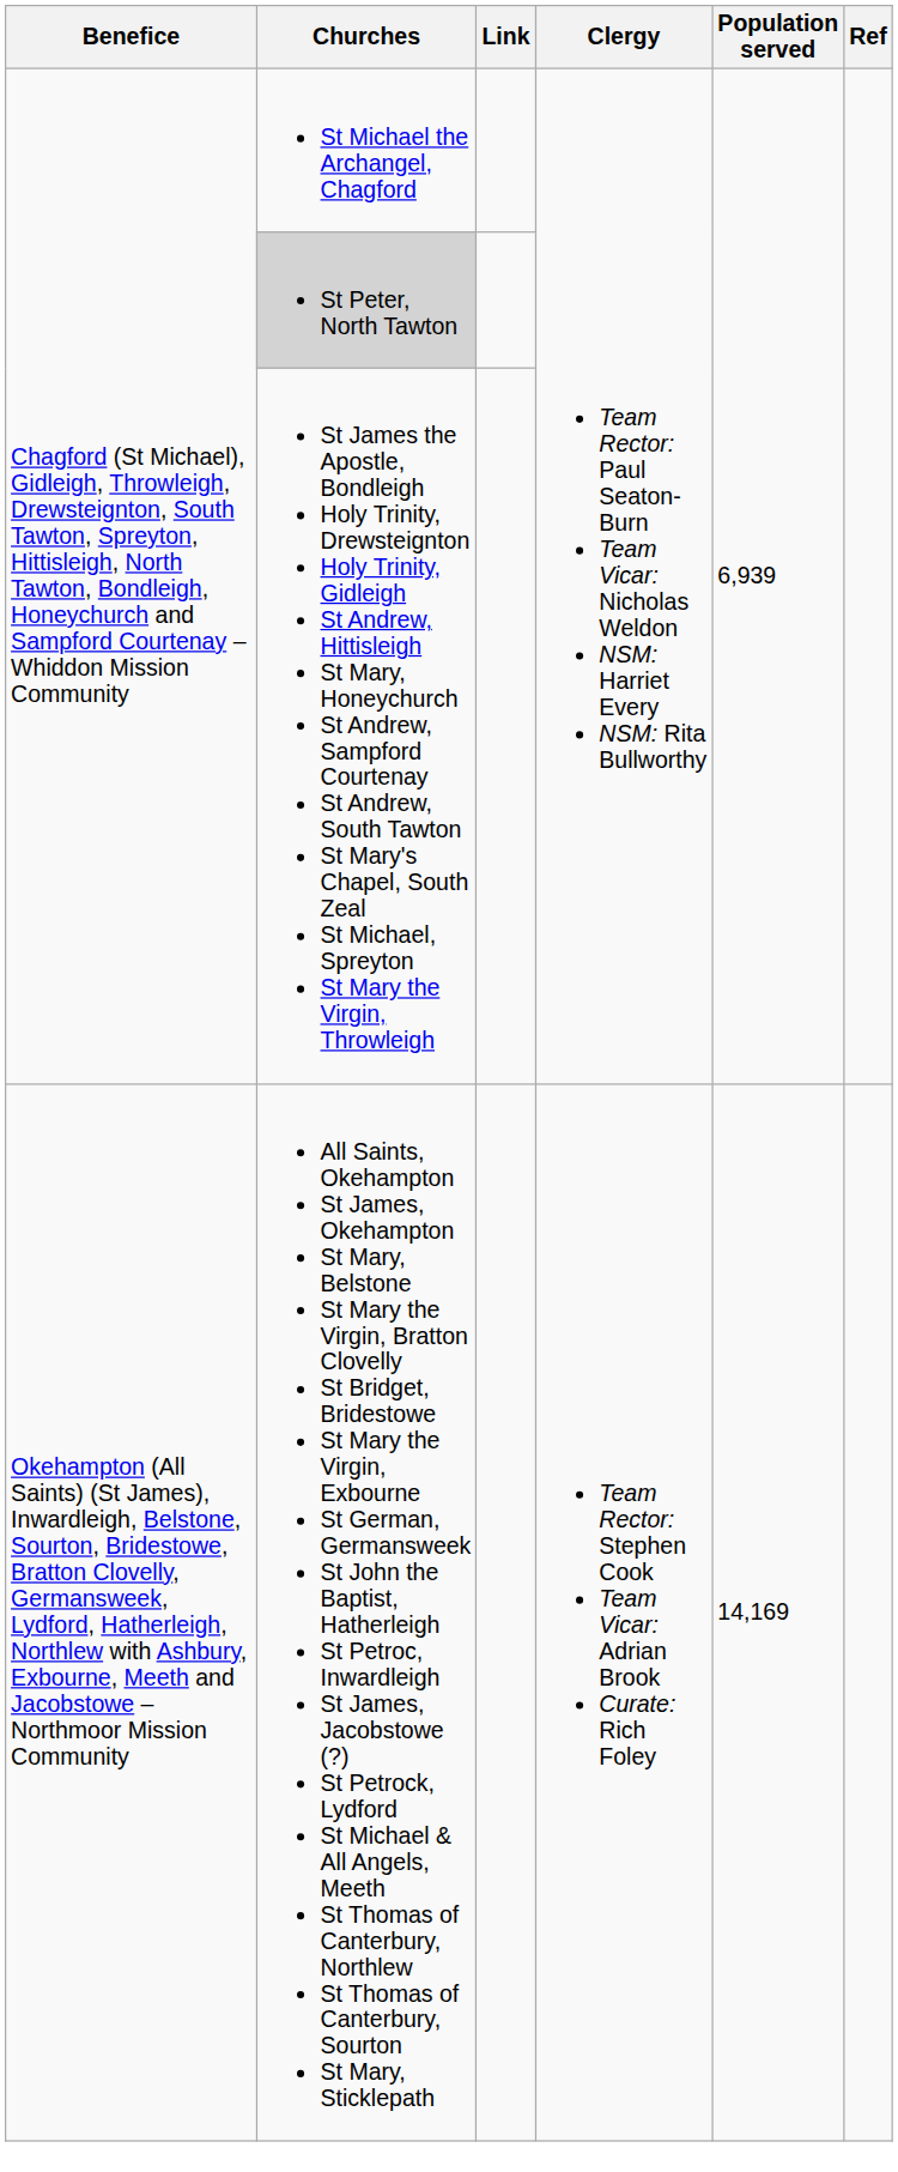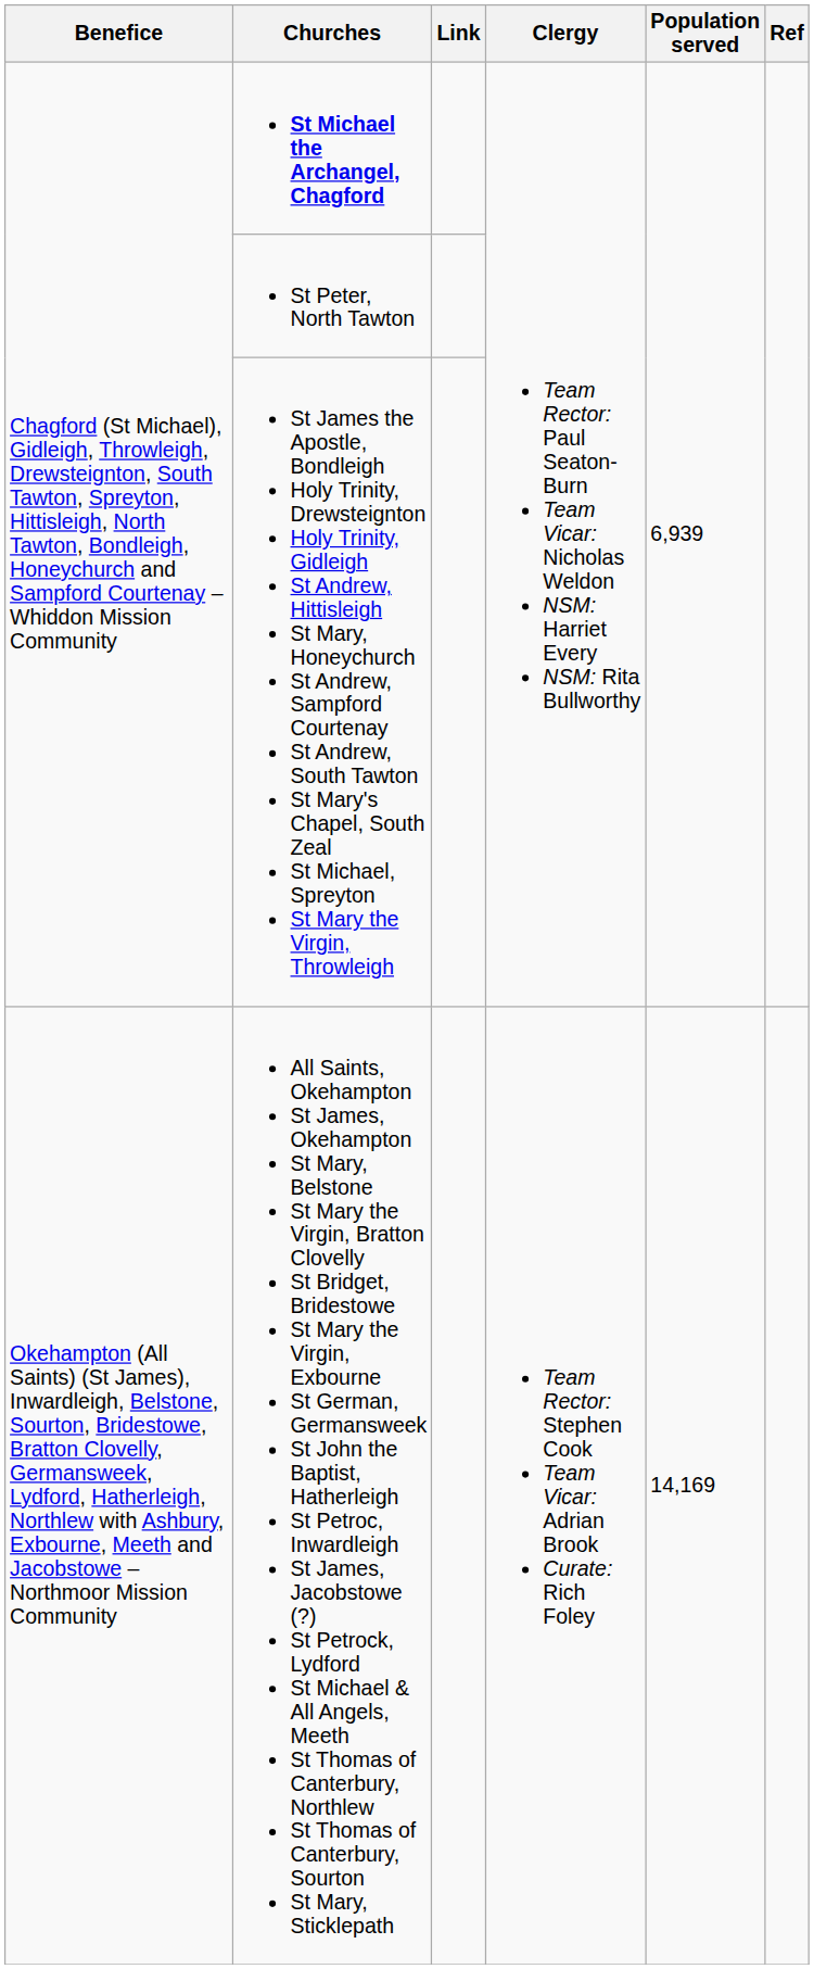 <table class="wikitable">
 <tr>
 <th width="425">Benefice</th>
 <th>Churches</th>
 <th>Link</th>
 <th>Clergy</th>
 <th>Population served</th>
 <th>Ref</th>
 </tr>
 <tr>
 <td rowspan="3"><a href='#'>Chagford</a> (St Michael), <a href='#'>Gidleigh</a>, <a href='#'>Throwleigh</a>, <a href='#'>Drewsteignton</a>, <a href='#'>South Tawton</a>, <a href='#'>Spreyton</a>, <a href='#'>Hittisleigh</a>, <a href='#'>North Tawton</a>, <a href='#'>Bondleigh</a>, <a href='#'>Honeychurch</a> and <a href='#'>Sampford Courtenay</a> – Whiddon Mission Community</td>
-<td><br><ul><li><a href='#'>St Michael the Archangel, Chagford</a></li></ul></td>
+<td><strong><br><ul><li><a href='#'>St Michael the Archangel, Chagford</a></li></ul></strong></td>
 <td></td>
 <td rowspan="3"><br><ul><li><em>Team Rector:</em> Paul Seaton-Burn</li><li><em>Team Vicar:</em> Nicholas Weldon</li><li><em>NSM:</em> Harriet Every</li><li><em>NSM:</em> Rita Bullworthy</li></ul></td>
 <td rowspan="3">6,939</td>
 <td rowspan="3"></td>
 </tr>
 <tr>
-<td style="background: lightgrey;"><br><ul><li>St Peter, North Tawton</li></ul></td>
+<td><br><ul><li>St Peter, North Tawton</li></ul></td>
 <td></td>
 </tr>
 <tr>
 <td><br><ul><li>St James the Apostle, Bondleigh</li><li>Holy Trinity, Drewsteignton</li><li><a href='#'>Holy Trinity, Gidleigh</a></li><li><a href='#'>St Andrew, Hittisleigh</a></li><li>St Mary, Honeychurch</li><li>St Andrew, Sampford Courtenay</li><li>St Andrew, South Tawton</li><li>St Mary's Chapel, South Zeal</li><li>St Michael, Spreyton</li><li><a href='#'>St Mary the Virgin, Throwleigh</a></li></ul></td>
 <td></td>
 </tr>
 <tr>
 <td><a href='#'>Okehampton</a> (All Saints) (St James), Inwardleigh, <a href='#'>Belstone</a>, <a href='#'>Sourton</a>, <a href='#'>Bridestowe</a>, <a href='#'>Bratton Clovelly</a>, <a href='#'>Germansweek</a>, <a href='#'>Lydford</a>, <a href='#'>Hatherleigh</a>, <a href='#'>Northlew</a> with <a href='#'>Ashbury</a>, <a href='#'>Exbourne</a>, <a href='#'>Meeth</a> and <a href='#'>Jacobstowe</a> – Northmoor Mission Community</td>
 <td><br><ul><li>All Saints, Okehampton</li><li>St James, Okehampton</li><li>St Mary, Belstone</li><li>St Mary the Virgin, Bratton Clovelly</li><li>St Bridget, Bridestowe</li><li>St Mary the Virgin, Exbourne</li><li>St German, Germansweek</li><li>St John the Baptist, Hatherleigh</li><li>St Petroc, Inwardleigh</li><li>St James, Jacobstowe (?)</li><li>St Petrock, Lydford</li><li>St Michael & All Angels, Meeth</li><li>St Thomas of Canterbury, Northlew</li><li>St Thomas of Canterbury, Sourton</li><li>St Mary, Sticklepath</li></ul></td>
 <td></td>
 <td><br><ul><li><em>Team Rector:</em> Stephen Cook</li><li><em>Team Vicar:</em> Adrian Brook</li><li><em>Curate:</em> Rich Foley</li></ul></td>
 <td>14,169</td>
 <td></td>
 </tr>
 </table>
